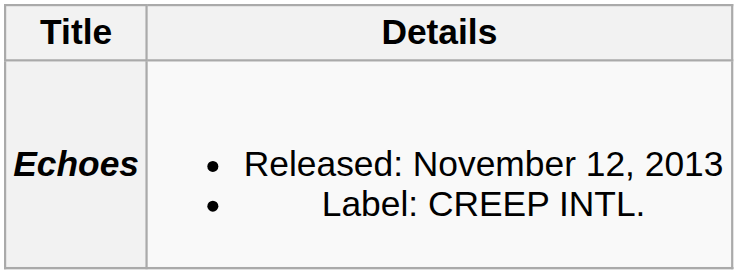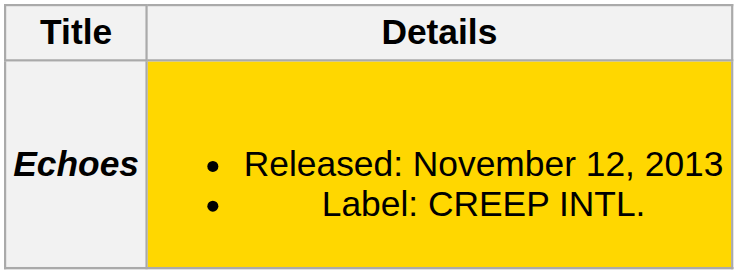 <table class="wikitable plainrowheaders" style="text-align:center;">
 <tr>
 <th scope="col">Title</th>
 <th scope="col">Details</th>
 </tr>
 <tr>
 <th scope="row"><em>Echoes</em></th>
-<td><br><ul><li>Released: November 12, 2013</li><li>Label: CREEP INTL.</li></ul></td>
+<td style="background: gold;"><br><ul><li>Released: November 12, 2013</li><li>Label: CREEP INTL.</li></ul></td>
 </tr>
 <tr>
 </tr>
 </table>
